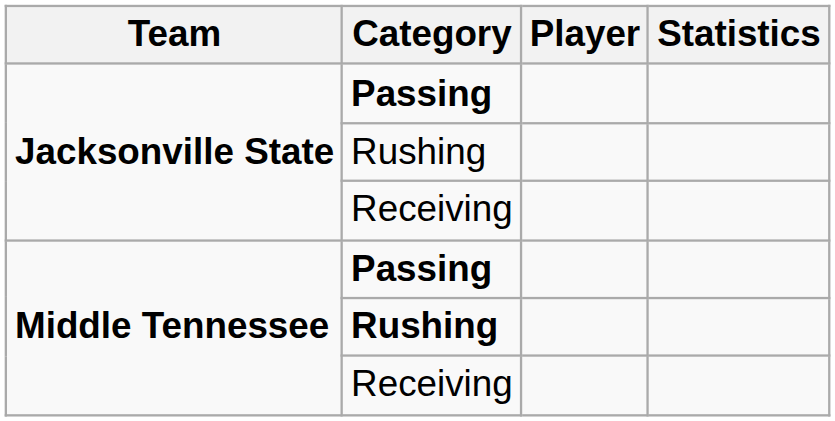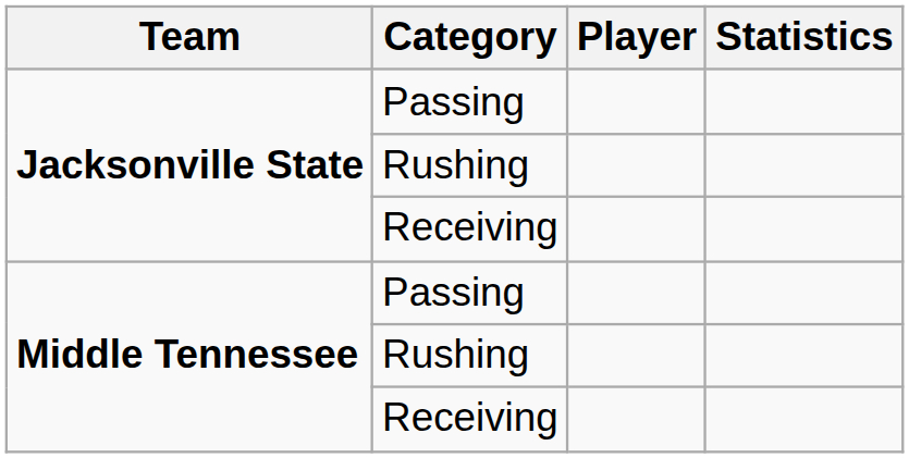 <table class="wikitable" style="float: right;">
 <tr>
 <th>Team</th>
 <th>Category</th>
 <th>Player</th>
 <th>Statistics</th>
 </tr>
 <tr>
 <td rowspan=3><strong>Jacksonville State</strong></td>
-<td><strong>Passing</strong></td>
+<td>Passing</td>
 <td></td>
 <td></td>
 </tr>
 <tr>
 <td>Rushing</td>
 <td></td>
 <td></td>
 </tr>
 <tr>
 <td>Receiving</td>
 <td></td>
 <td></td>
 </tr>
 <tr>
 <td rowspan=3><strong>Middle Tennessee</strong></td>
-<td><strong>Passing</strong></td>
+<td>Passing</td>
 <td></td>
 <td></td>
 </tr>
 <tr>
-<td><strong>Rushing</strong></td>
+<td>Rushing</td>
 <td></td>
 <td></td>
 </tr>
 <tr>
 <td>Receiving</td>
 <td></td>
 <td></td>
 </tr>
 </table>
